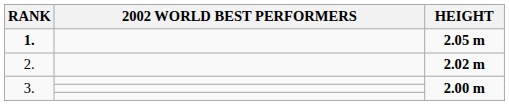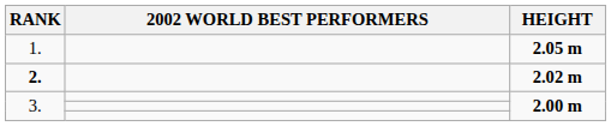 <table class="wikitable" style="border-collapse: collapse; font-size: 90%;">
 <tr>
 <th>RANK</th>
 <th align="center" style="width: 25em">2002 WORLD BEST PERFORMERS</th>
 <th align="center" style="width: 5em">HEIGHT</th>
 </tr>
 <tr>
-<td align="center"><strong>1.</strong></td>
+<td align="center">1.</td>
 <td></td>
 <td align="center"><strong>2.05 m</strong></td>
 </tr>
 <tr>
-<td align="center">2.</td>
+<td align="center"><strong>2.</strong></td>
 <td></td>
 <td align="center"><strong>2.02 m</strong></td>
 </tr>
 <tr>
 <td rowspan=3 align="center">3.</td>
 <td></td>
 <td rowspan=3 align="center"><strong>2.00 m</strong></td>
 </tr>
 <tr>
 <td></td>
 </tr>
 <tr>
 <td></td>
 </tr>
 </table>
